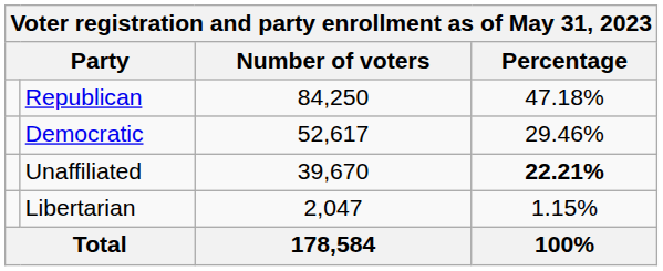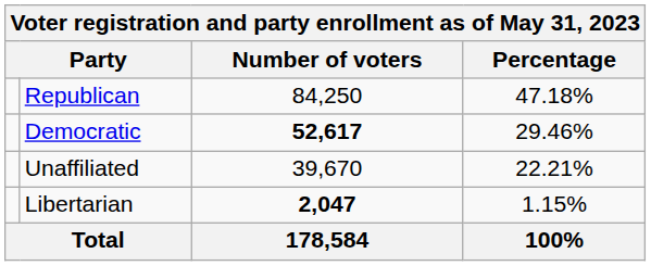 <table class="wikitable">
 <tr>
 <th colspan="6">Voter registration and party enrollment as of May 31, 2023</th>
 </tr>
 <tr>
 <th colspan="2">Party</th>
 <th>Number of voters</th>
 <th>Percentage</th>
 </tr>
 <tr>
 <td></td>
 <td><a href='#'>Republican</a></td>
 <td align="center">84,250</td>
 <td align="center">47.18%</td>
 </tr>
 <tr>
 <td></td>
 <td><a href='#'>Democratic</a></td>
-<td align="center">52,617</td>
+<td align="center"><strong>52,617</strong></td>
 <td align="center">29.46%</td>
 </tr>
 <tr>
 <td></td>
 <td>Unaffiliated</td>
 <td align="center">39,670</td>
-<td align="center"><strong>22.21%</strong></td>
+<td align="center">22.21%</td>
 </tr>
 <tr>
 <td></td>
 <td>Libertarian</td>
-<td align="center">2,047</td>
+<td align="center"><strong>2,047</strong></td>
 <td align="center">1.15%</td>
 </tr>
 <tr>
 <th colspan="2">Total</th>
 <th align="center">178,584</th>
 <th align="center">100%</th>
 </tr>
 </table>
